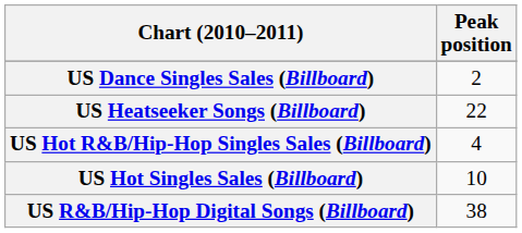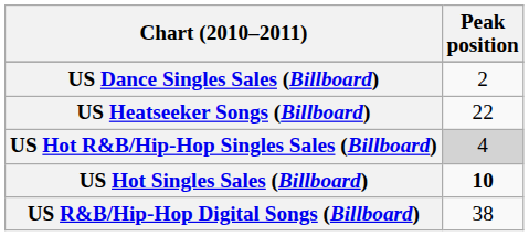 <table class="wikitable sortable plainrowheaders" style="text-align:center">
 <tr>
 <th>Chart (2010–2011)</th>
 <th>Peak<br>position</th>
 </tr>
 <tr>
 </tr>
 <tr>
 <th scope="row">US <a href='#'>Dance Singles Sales</a> (<em><a href='#'>Billboard</a></em>)</th>
 <td>2</td>
 </tr>
 <tr>
 <th scope="row">US <a href='#'>Heatseeker Songs</a> (<em><a href='#'>Billboard</a></em>)</th>
 <td>22</td>
 </tr>
 <tr>
 <th scope="row">US <a href='#'>Hot R&B/Hip-Hop Singles Sales</a> (<em><a href='#'>Billboard</a></em>)</th>
-<td>4</td>
+<td style="background: lightgrey;">4</td>
 </tr>
 <tr>
 <th scope="row">US <a href='#'>Hot Singles Sales</a> (<em><a href='#'>Billboard</a></em>)</th>
-<td>10</td>
+<td><strong>10</strong></td>
 </tr>
 <tr>
 <th scope="row">US <a href='#'>R&B/Hip-Hop Digital Songs</a> (<em><a href='#'>Billboard</a></em>)</th>
 <td>38</td>
 </tr>
 </table>
